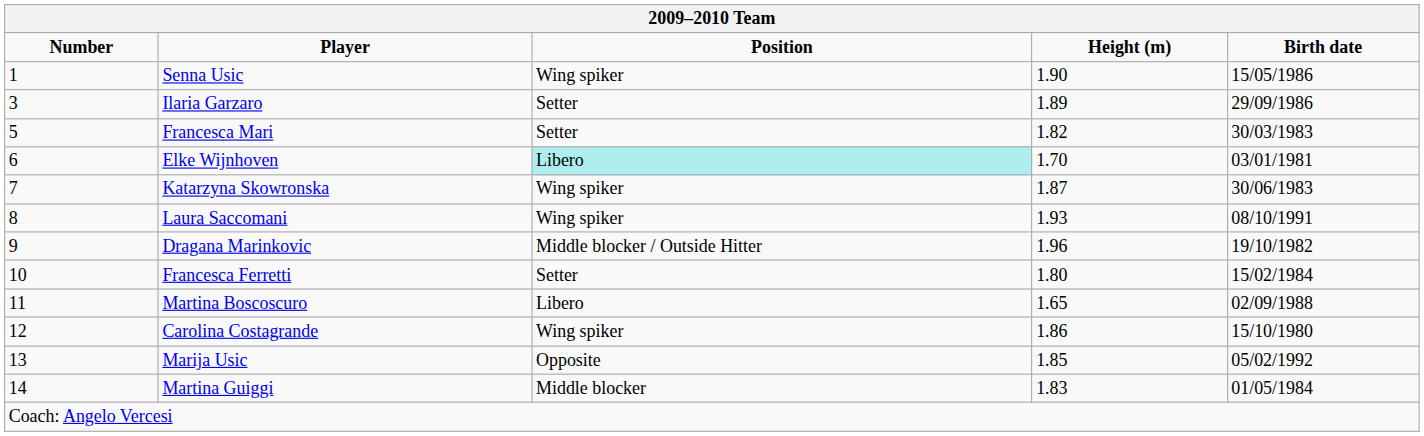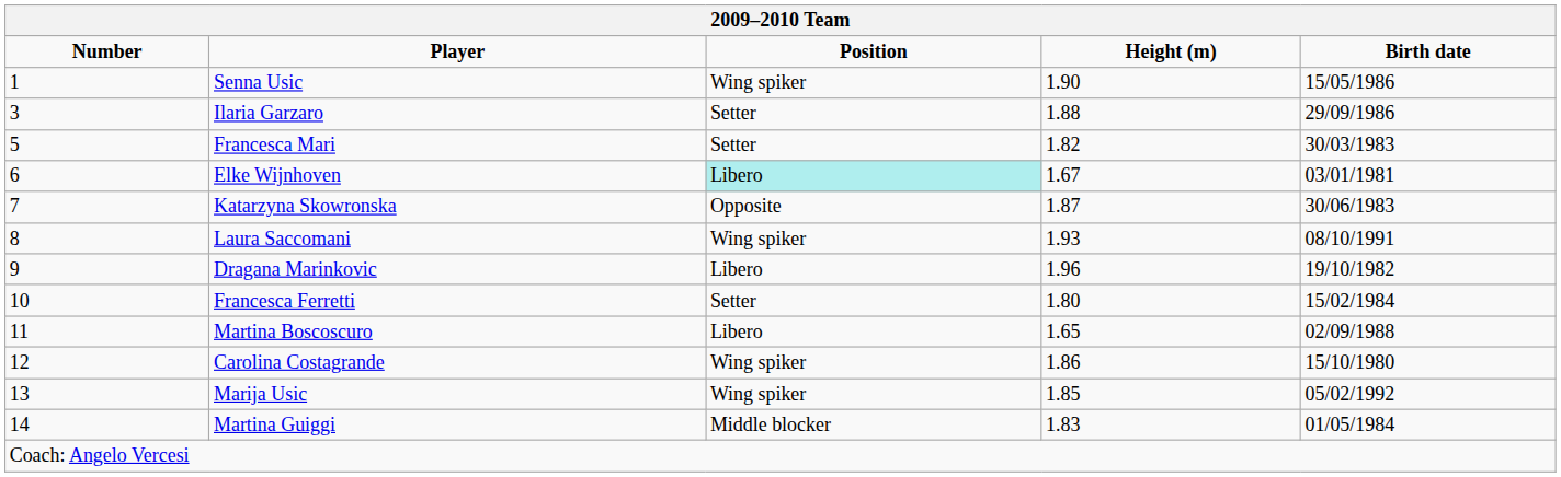 <table class="wikitable" style="width:100%;">
 <tr>
 <th colspan=5><strong>2009–2010 Team</strong></th>
 </tr>
 <tr>
 <td align=center><strong>Number</strong></td>
 <td align=center><strong>Player</strong></td>
 <td align=center><strong>Position</strong></td>
 <td align=center><strong>Height (m)</strong></td>
 <td align=center><strong>Birth date</strong></td>
 </tr>
 <tr align=left>
 <td>1</td>
 <td> <a href='#'>Senna Usic</a></td>
 <td>Wing spiker</td>
 <td>1.90</td>
 <td>15/05/1986</td>
 </tr>
 <tr align="left">
 <td>3</td>
 <td> <a href='#'>Ilaria Garzaro</a></td>
 <td>Setter</td>
-<td>1.89</td>
+<td>1.88</td>
 <td>29/09/1986</td>
 </tr>
 <tr align="left">
 <td>5</td>
 <td> <a href='#'>Francesca Mari</a></td>
 <td>Setter</td>
 <td>1.82</td>
 <td>30/03/1983</td>
 </tr>
 <tr align="left">
 <td>6</td>
 <td> <a href='#'>Elke Wijnhoven</a></td>
 <td style="background: paleturquoise;">Libero</td>
-<td>1.70</td>
+<td>1.67</td>
 <td>03/01/1981</td>
 </tr>
 <tr align="left">
 <td>7</td>
 <td> <a href='#'>Katarzyna Skowronska</a></td>
-<td>Wing spiker</td>
+<td>Opposite</td>
 <td>1.87</td>
 <td>30/06/1983</td>
 </tr>
 <tr align="left">
 <td>8</td>
 <td> <a href='#'>Laura Saccomani</a></td>
 <td>Wing spiker</td>
 <td>1.93</td>
 <td>08/10/1991</td>
 </tr>
 <tr align="left">
 <td>9</td>
 <td> <a href='#'>Dragana Marinkovic</a></td>
-<td>Middle blocker / Outside Hitter</td>
+<td>Libero</td>
 <td>1.96</td>
 <td>19/10/1982</td>
 </tr>
 <tr align="left">
 <td>10</td>
 <td> <a href='#'>Francesca Ferretti</a></td>
 <td>Setter</td>
 <td>1.80</td>
 <td>15/02/1984</td>
 </tr>
 <tr align="left">
 <td>11</td>
 <td> <a href='#'>Martina Boscoscuro</a></td>
 <td>Libero</td>
 <td>1.65</td>
 <td>02/09/1988</td>
 </tr>
 <tr align="left">
 <td>12</td>
 <td> <a href='#'>Carolina Costagrande</a></td>
 <td>Wing spiker</td>
 <td>1.86</td>
 <td>15/10/1980</td>
 </tr>
 <tr align="left">
 <td>13</td>
 <td> <a href='#'>Marija Usic</a></td>
-<td>Opposite</td>
+<td>Wing spiker</td>
 <td>1.85</td>
 <td>05/02/1992</td>
 </tr>
 <tr align="left">
 <td>14</td>
 <td> <a href='#'>Martina Guiggi</a></td>
 <td>Middle blocker</td>
 <td>1.83</td>
 <td>01/05/1984</td>
 </tr>
 <tr align="left">
 <td colspan=5>Coach:  <a href='#'>Angelo Vercesi</a></td>
 </tr>
 </table>
